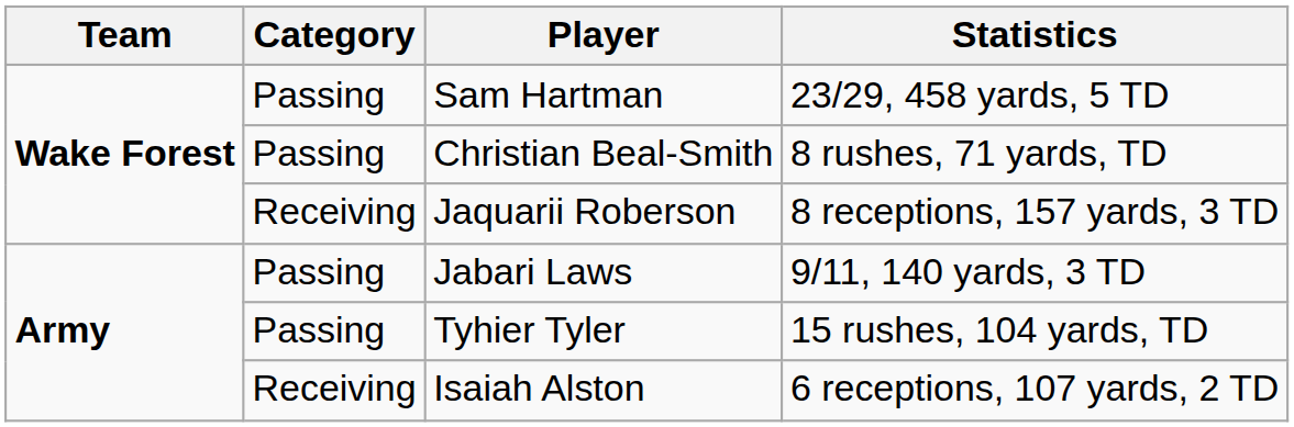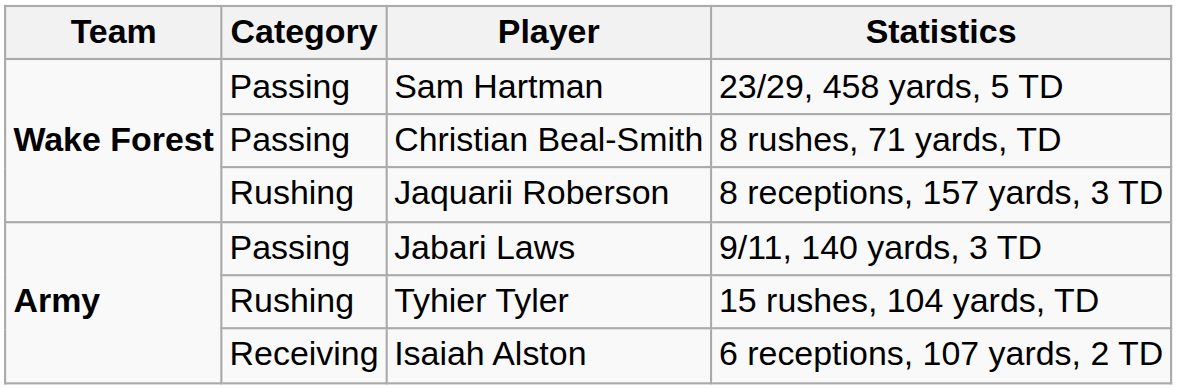 <table class="wikitable" style="float: right;">
 <tr>
 <th>Team</th>
 <th>Category</th>
 <th>Player</th>
 <th>Statistics</th>
 </tr>
 <tr>
 <td rowspan=3><strong>Wake Forest</strong></td>
 <td>Passing</td>
 <td>Sam Hartman</td>
 <td>23/29, 458 yards, 5 TD</td>
 </tr>
 <tr>
 <td>Passing</td>
 <td>Christian Beal-Smith</td>
 <td>8 rushes, 71 yards, TD</td>
 </tr>
 <tr>
-<td>Receiving</td>
+<td>Rushing</td>
 <td>Jaquarii Roberson</td>
 <td>8 receptions, 157 yards, 3 TD</td>
 </tr>
 <tr>
 <td rowspan=3><strong>Army</strong></td>
 <td>Passing</td>
 <td>Jabari Laws</td>
 <td>9/11, 140 yards, 3 TD</td>
 </tr>
 <tr>
-<td>Passing</td>
+<td>Rushing</td>
 <td>Tyhier Tyler</td>
 <td>15 rushes, 104 yards, TD</td>
 </tr>
 <tr>
 <td>Receiving</td>
 <td>Isaiah Alston</td>
 <td>6 receptions, 107 yards, 2 TD</td>
 </tr>
 </table>
